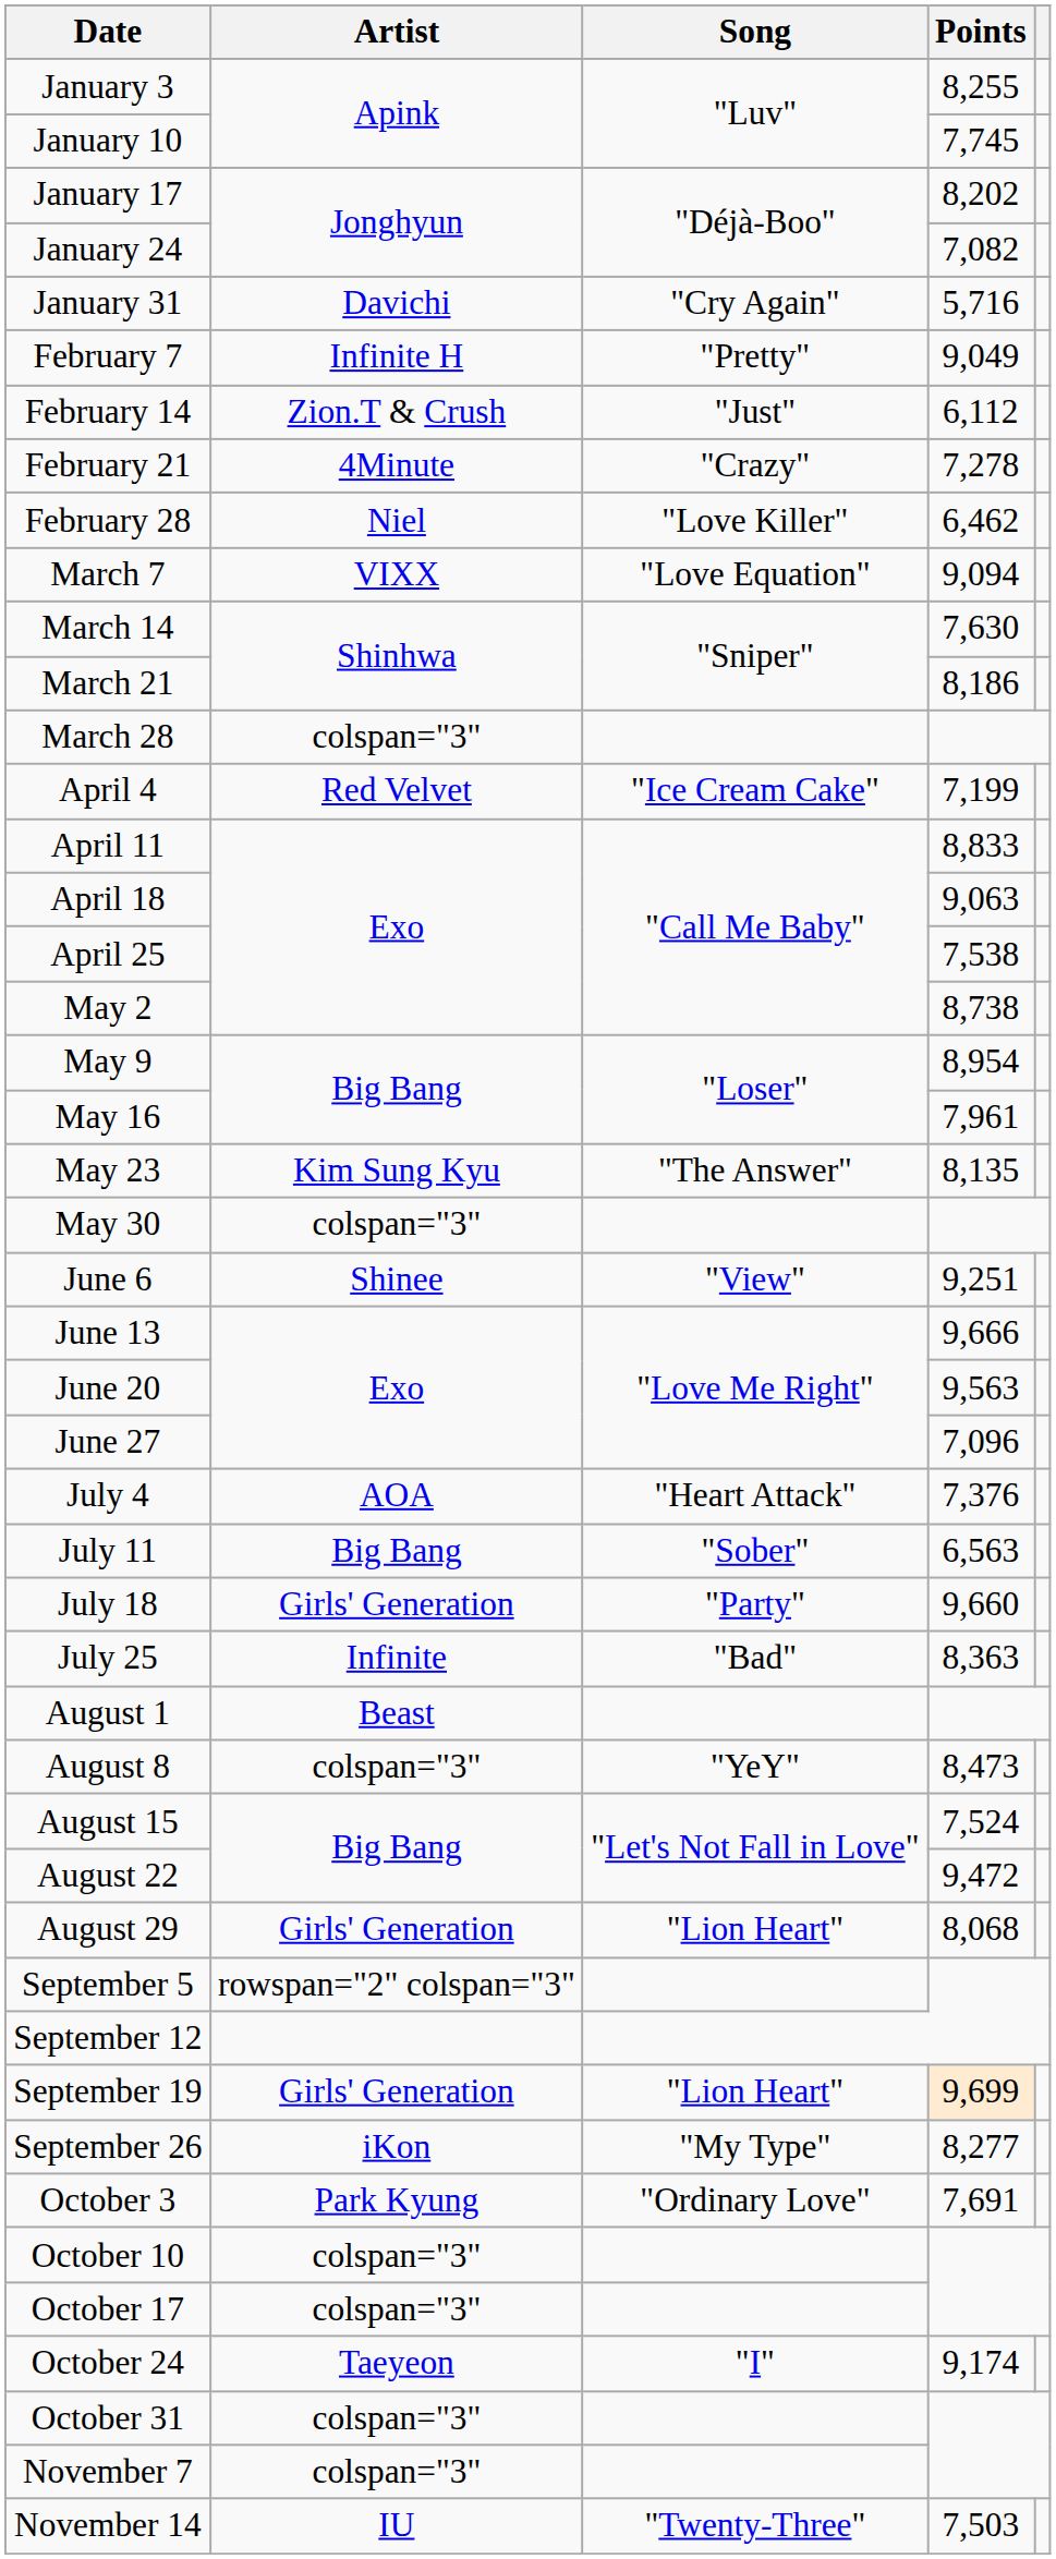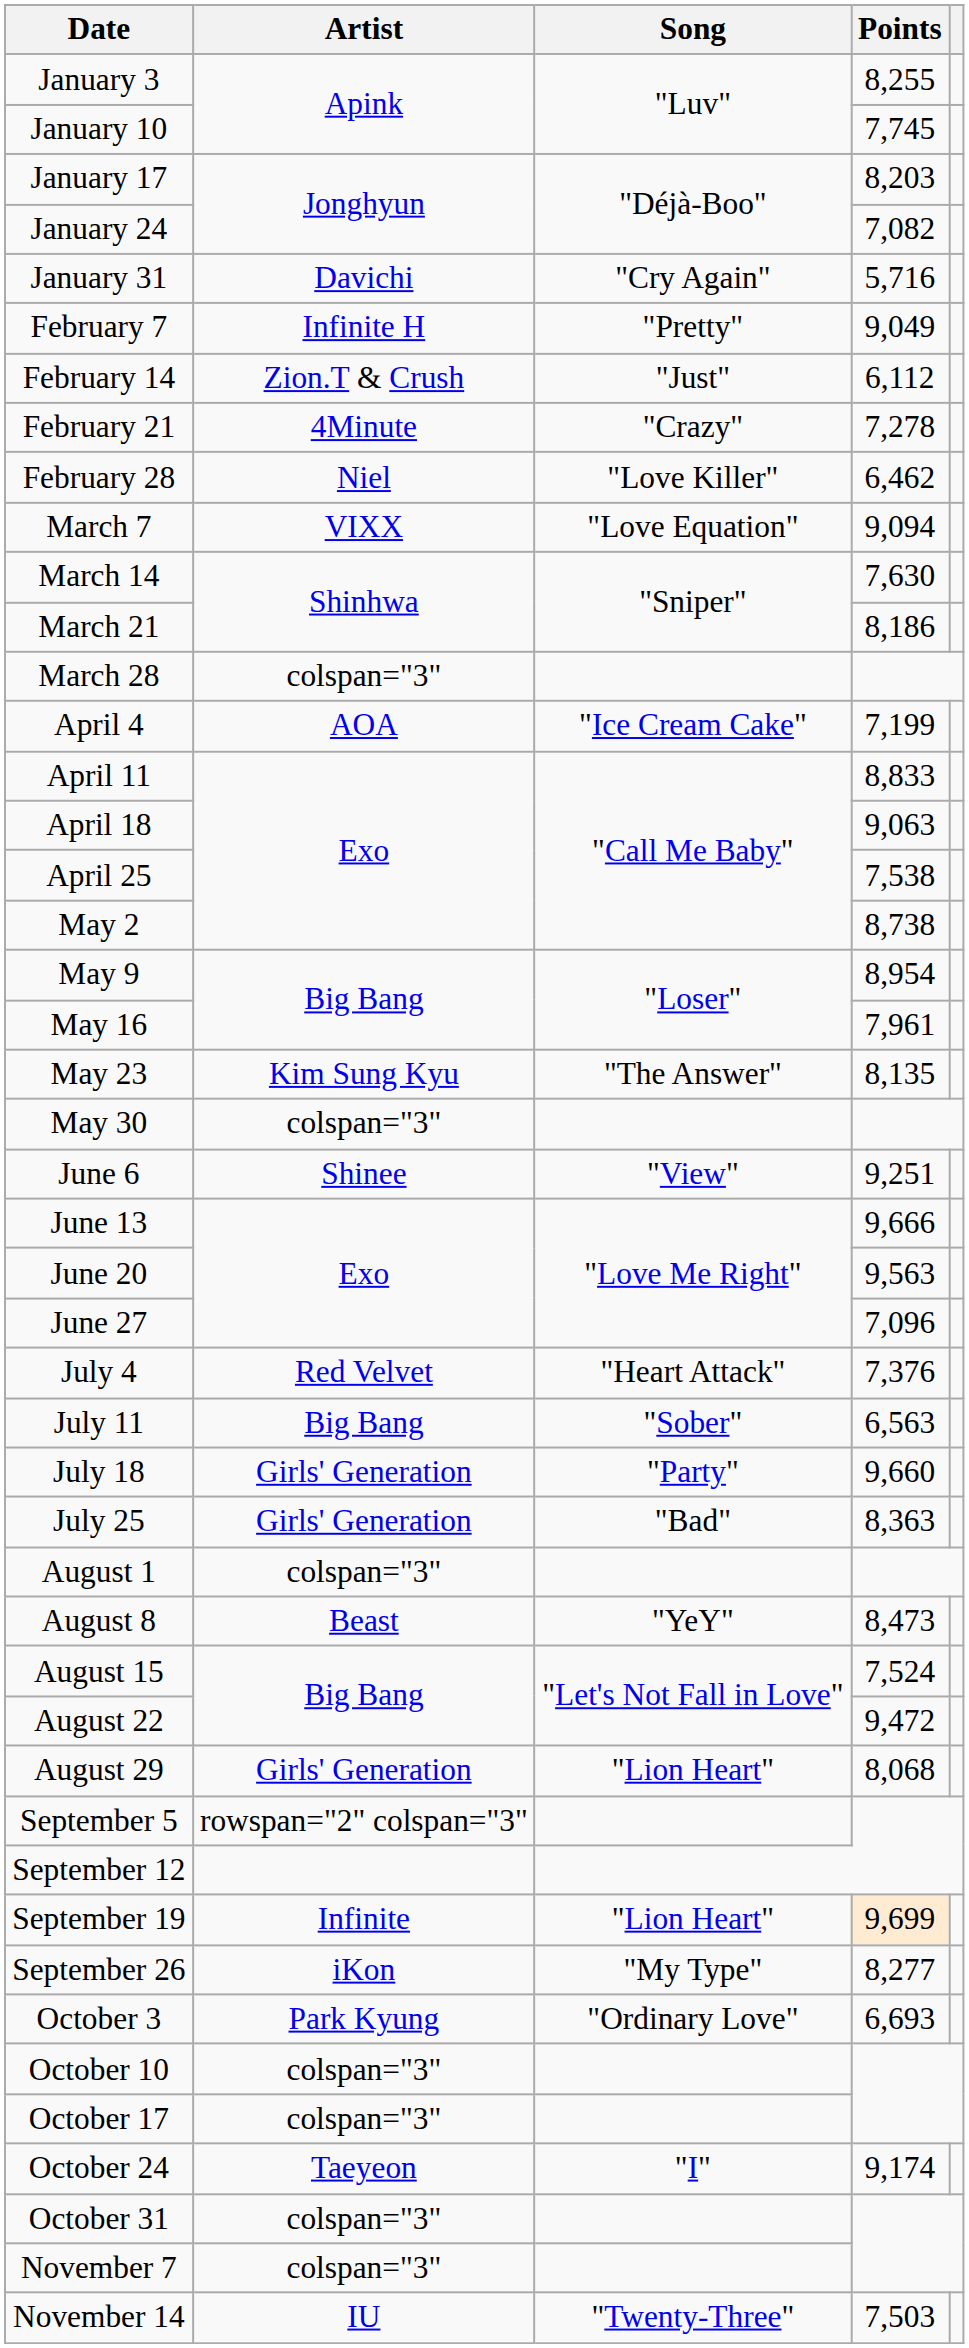 <table class="sortable wikitable" style="text-align:center">
 <tr>
 <th>Date</th>
 <th>Artist</th>
 <th>Song</th>
 <th>Points</th>
 <th class="unsortable"></th>
 </tr>
 <tr>
 <td>January 3</td>
 <td rowspan="2"><a href='#'>Apink</a></td>
 <td rowspan="2">"Luv"</td>
 <td>8,255</td>
 <td></td>
 </tr>
 <tr>
 <td>January 10</td>
 <td>7,745</td>
 <td></td>
 </tr>
 <tr>
 <td>January 17</td>
 <td rowspan="2"><a href='#'>Jonghyun</a></td>
 <td rowspan="2">"Déjà-Boo"</td>
-<td>8,202</td>
+<td>8,203</td>
 <td></td>
 </tr>
 <tr>
 <td>January 24</td>
 <td>7,082</td>
 <td></td>
 </tr>
 <tr>
 <td>January 31</td>
 <td><a href='#'>Davichi</a></td>
 <td>"Cry Again"</td>
 <td>5,716</td>
 <td></td>
 </tr>
 <tr>
 <td>February 7</td>
 <td><a href='#'>Infinite H</a></td>
 <td>"Pretty"</td>
 <td>9,049</td>
 <td></td>
 </tr>
 <tr>
 <td>February 14</td>
 <td><a href='#'>Zion.T</a> & <a href='#'>Crush</a></td>
 <td>"Just"</td>
 <td>6,112</td>
 <td></td>
 </tr>
 <tr>
 <td>February 21</td>
 <td><a href='#'>4Minute</a></td>
 <td>"Crazy"</td>
 <td>7,278</td>
 <td></td>
 </tr>
 <tr>
 <td>February 28</td>
 <td><a href='#'>Niel</a></td>
 <td>"Love Killer"</td>
 <td>6,462</td>
 <td></td>
 </tr>
 <tr>
 <td>March 7</td>
 <td><a href='#'>VIXX</a></td>
 <td>"Love Equation"</td>
 <td>9,094</td>
 <td></td>
 </tr>
 <tr>
 <td>March 14</td>
 <td rowspan="2"><a href='#'>Shinhwa</a></td>
 <td rowspan="2">"Sniper"</td>
 <td>7,630</td>
 <td></td>
 </tr>
 <tr>
 <td>March 21</td>
 <td>8,186</td>
 <td></td>
 </tr>
 <tr>
 <td>March 28</td>
 <td>colspan="3" </td>
 <td></td>
 </tr>
 <tr>
 <td>April 4</td>
-<td><a href='#'>Red Velvet</a></td>
+<td><a href='#'>AOA</a></td>
 <td>"<a href='#'>Ice Cream Cake</a>"</td>
 <td>7,199</td>
 <td></td>
 </tr>
 <tr>
 <td>April 11</td>
 <td rowspan="4"><a href='#'>Exo</a></td>
 <td rowspan="4">"<a href='#'>Call Me Baby</a>"</td>
 <td>8,833</td>
 <td></td>
 </tr>
 <tr>
 <td>April 18</td>
 <td>9,063</td>
 <td></td>
 </tr>
 <tr>
 <td>April 25</td>
 <td>7,538</td>
 <td></td>
 </tr>
 <tr>
 <td>May 2</td>
 <td>8,738</td>
 <td></td>
 </tr>
 <tr>
 <td>May 9</td>
 <td rowspan="2"><a href='#'>Big Bang</a></td>
 <td rowspan="2">"<a href='#'>Loser</a>"</td>
 <td>8,954</td>
 <td></td>
 </tr>
 <tr>
 <td>May 16</td>
 <td>7,961</td>
 <td></td>
 </tr>
 <tr>
 <td>May 23</td>
 <td><a href='#'>Kim Sung Kyu</a></td>
 <td>"The Answer"</td>
 <td>8,135</td>
 <td></td>
 </tr>
 <tr>
 <td>May 30</td>
 <td>colspan="3" </td>
 <td></td>
 </tr>
 <tr>
 <td>June 6</td>
 <td><a href='#'>Shinee</a></td>
 <td>"<a href='#'>View</a>"</td>
 <td>9,251</td>
 <td></td>
 </tr>
 <tr>
 <td>June 13</td>
 <td rowspan="3"><a href='#'>Exo</a></td>
 <td rowspan="3">"<a href='#'>Love Me Right</a>"</td>
 <td>9,666</td>
 <td></td>
 </tr>
 <tr>
 <td>June 20</td>
 <td>9,563</td>
 <td></td>
 </tr>
 <tr>
 <td>June 27</td>
 <td>7,096</td>
 <td></td>
 </tr>
 <tr>
 <td>July 4</td>
-<td><a href='#'>AOA</a></td>
+<td><a href='#'>Red Velvet</a></td>
 <td>"Heart Attack"</td>
 <td>7,376</td>
 <td></td>
 </tr>
 <tr>
 <td>July 11</td>
 <td><a href='#'>Big Bang</a></td>
 <td>"<a href='#'>Sober</a>"</td>
 <td>6,563</td>
 <td></td>
 </tr>
 <tr>
 <td>July 18</td>
 <td><a href='#'>Girls' Generation</a></td>
 <td>"<a href='#'>Party</a>"</td>
 <td>9,660</td>
 <td></td>
 </tr>
 <tr>
 <td>July 25</td>
-<td><a href='#'>Infinite</a></td>
+<td><a href='#'>Girls' Generation</a></td>
 <td>"Bad"</td>
 <td>8,363</td>
 <td></td>
 </tr>
 <tr>
 <td>August 1</td>
-<td><a href='#'>Beast</a></td>
+<td>colspan="3" </td>
 <td></td>
 </tr>
 <tr>
 <td>August 8</td>
-<td>colspan="3" </td>
+<td><a href='#'>Beast</a></td>
 <td>"YeY"</td>
 <td>8,473</td>
 <td></td>
 </tr>
 <tr>
 <td>August 15</td>
 <td rowspan="2"><a href='#'>Big Bang</a></td>
 <td rowspan="2">"<a href='#'>Let's Not Fall in Love</a>"</td>
 <td>7,524</td>
 <td></td>
 </tr>
 <tr>
 <td>August 22</td>
 <td>9,472</td>
 <td></td>
 </tr>
 <tr>
 <td>August 29</td>
 <td><a href='#'>Girls' Generation</a></td>
 <td>"<a href='#'>Lion Heart</a>"</td>
 <td>8,068</td>
 <td></td>
 </tr>
 <tr>
 <td>September 5</td>
 <td>rowspan="2" colspan="3" </td>
 <td></td>
 </tr>
 <tr>
 <td>September 12</td>
 <td></td>
 </tr>
 <tr>
 <td>September 19</td>
-<td><a href='#'>Girls' Generation</a></td>
+<td><a href='#'>Infinite</a></td>
 <td>"<a href='#'>Lion Heart</a>"</td>
 <td style="background:#ffebd2;">9,699</td>
 <td></td>
 </tr>
 <tr>
 <td>September 26</td>
 <td><a href='#'>iKon</a></td>
 <td>"My Type"</td>
 <td>8,277</td>
 <td></td>
 </tr>
 <tr>
 <td>October 3</td>
 <td><a href='#'>Park Kyung</a></td>
 <td>"Ordinary Love"</td>
-<td>7,691</td>
+<td>6,693</td>
 <td></td>
 </tr>
 <tr>
 <td>October 10</td>
 <td>colspan="3" </td>
 <td></td>
 </tr>
 <tr>
 <td>October 17</td>
 <td>colspan="3" </td>
 <td></td>
 </tr>
 <tr>
 <td>October 24</td>
 <td><a href='#'>Taeyeon</a></td>
 <td>"<a href='#'>I</a>"</td>
 <td>9,174</td>
 <td></td>
 </tr>
 <tr>
 <td>October 31</td>
 <td>colspan="3" </td>
 <td></td>
 </tr>
 <tr>
 <td>November 7</td>
 <td>colspan="3" </td>
 <td></td>
 </tr>
 <tr>
 <td>November 14</td>
 <td><a href='#'>IU</a></td>
 <td>"<a href='#'>Twenty-Three</a>"</td>
 <td>7,503</td>
 <td></td>
 </tr>
 </table>
